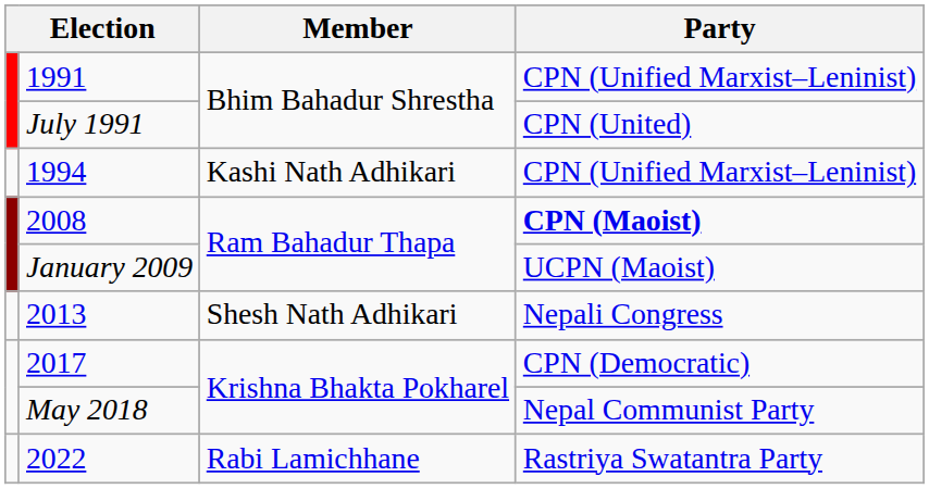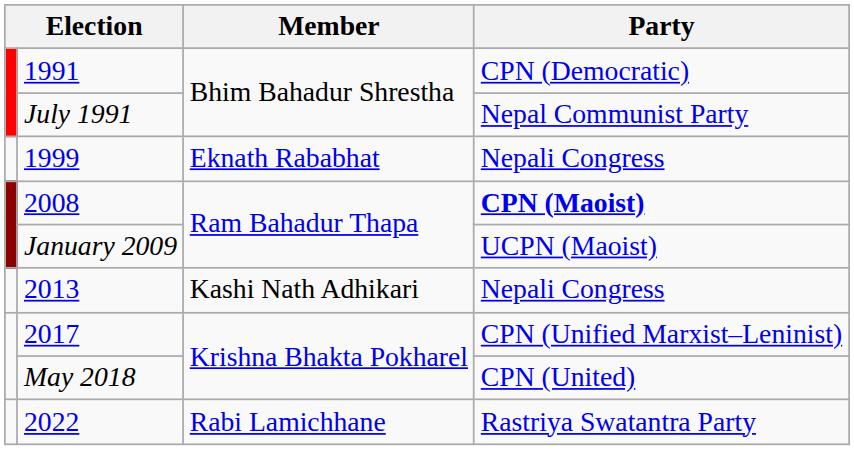 <table class="wikitable">
 <tr>
 <th colspan="2">Election</th>
 <th>Member</th>
 <th>Party</th>
 </tr>
 <tr>
 <td rowspan="2" style="background-color:red"></td>
 <td><a href='#'>1991</a></td>
 <td rowspan="2">Bhim Bahadur Shrestha</td>
-<td><a href='#'>CPN (Unified Marxist–Leninist)</a></td>
+<td><a href='#'>CPN (Democratic)</a></td>
 </tr>
 <tr>
 <td><em>July 1991</em></td>
-<td><a href='#'>CPN (United)</a></td>
+<td><a href='#'>Nepal Communist Party</a></td>
 </tr>
 <tr>
 <td style="background-color:"></td>
-<td><a href='#'>1994</a></td>
-<td>Kashi Nath Adhikari</td>
-<td><a href='#'>CPN (Unified Marxist–Leninist)</a></td>
+<td><a href='#'>1999</a></td>
+<td><a href='#'>Eknath Rababhat</a></td>
+<td><a href='#'>Nepali Congress</a></td>
 </tr>
 <tr>
 <td rowspan="2" style="background-color:darkred"></td>
 <td><a href='#'>2008</a></td>
 <td rowspan="2"><a href='#'>Ram Bahadur Thapa</a></td>
 <td><strong><a href='#'>CPN (Maoist)</a></strong></td>
 </tr>
 <tr>
 <td><em>January 2009</em></td>
 <td><a href='#'>UCPN (Maoist)</a></td>
 </tr>
 <tr>
 <td style="background-color:"></td>
 <td><a href='#'>2013</a></td>
-<td>Shesh Nath Adhikari</td>
+<td>Kashi Nath Adhikari</td>
 <td><a href='#'>Nepali Congress</a></td>
 </tr>
 <tr>
 <td rowspan="2" style="background-color:"></td>
 <td><a href='#'>2017</a></td>
 <td rowspan="2"><a href='#'>Krishna Bhakta Pokharel</a></td>
-<td><a href='#'>CPN (Democratic)</a></td>
+<td><a href='#'>CPN (Unified Marxist–Leninist)</a></td>
 </tr>
 <tr>
 <td><em>May 2018</em></td>
-<td><a href='#'>Nepal Communist Party</a></td>
+<td><a href='#'>CPN (United)</a></td>
 </tr>
 <tr>
 <td rowspan="2" style="background-color:"></td>
 <td><a href='#'>2022</a></td>
 <td rowspan="2"><a href='#'>Rabi Lamichhane</a></td>
 <td><a href='#'>Rastriya Swatantra Party</a></td>
 </tr>
 </table>
